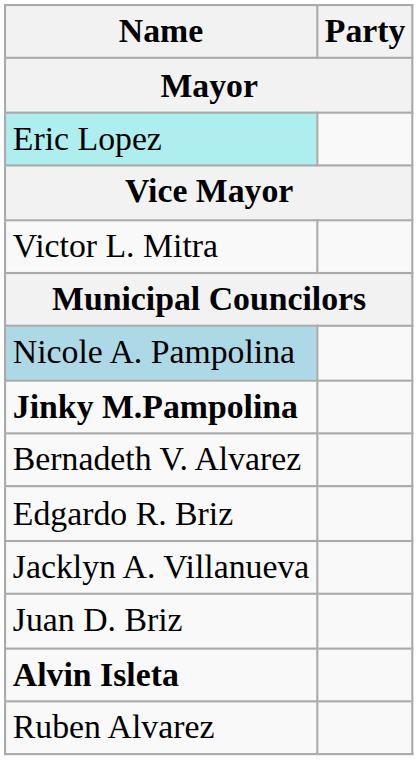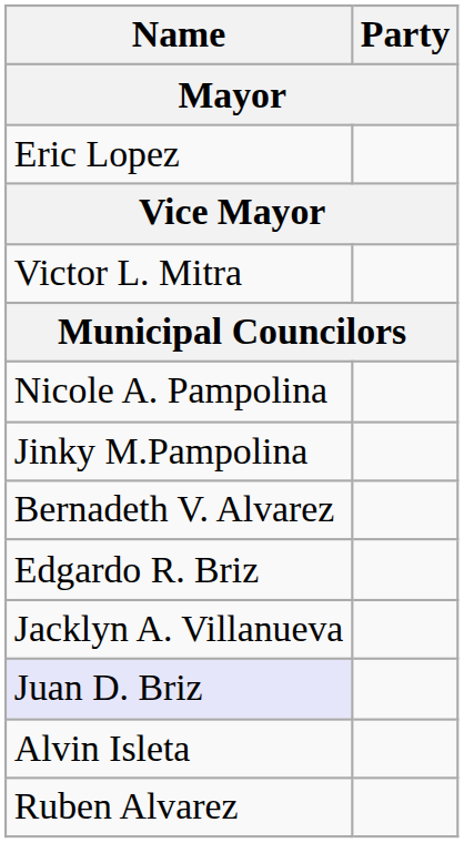 <table class=wikitable>
 <tr>
 <th>Name</th>
 <th colspan=2>Party</th>
 </tr>
 <tr>
 <th colspan=3>Mayor</th>
 </tr>
 <tr>
-<td style="background: paleturquoise;">Eric Lopez</td>
+<td>Eric Lopez</td>
 <td></td>
 </tr>
 <tr>
 <th colspan=3>Vice Mayor</th>
 </tr>
 <tr>
 <td>Victor L. Mitra</td>
 <td></td>
 </tr>
 <tr>
 <th colspan=3>Municipal Councilors</th>
 </tr>
 <tr>
-<td style="background: lightblue;">Nicole A. Pampolina</td>
+<td>Nicole A. Pampolina</td>
 <td></td>
 </tr>
 <tr>
-<td><strong>Jinky M.Pampolina</strong></td>
+<td>Jinky M.Pampolina</td>
 <td></td>
 </tr>
 <tr>
 <td>Bernadeth V. Alvarez</td>
 <td></td>
 </tr>
 <tr>
 <td>Edgardo R. Briz</td>
 <td></td>
 </tr>
 <tr>
 <td>Jacklyn A. Villanueva</td>
 <td></td>
 </tr>
 <tr>
-<td>Juan D. Briz</td>
+<td style="background: lavender;">Juan D. Briz</td>
 <td></td>
 </tr>
 <tr>
-<td><strong>Alvin Isleta</strong></td>
+<td>Alvin Isleta</td>
 <td></td>
 </tr>
 <tr>
 <td>Ruben Alvarez</td>
 <td></td>
 </tr>
 </table>
